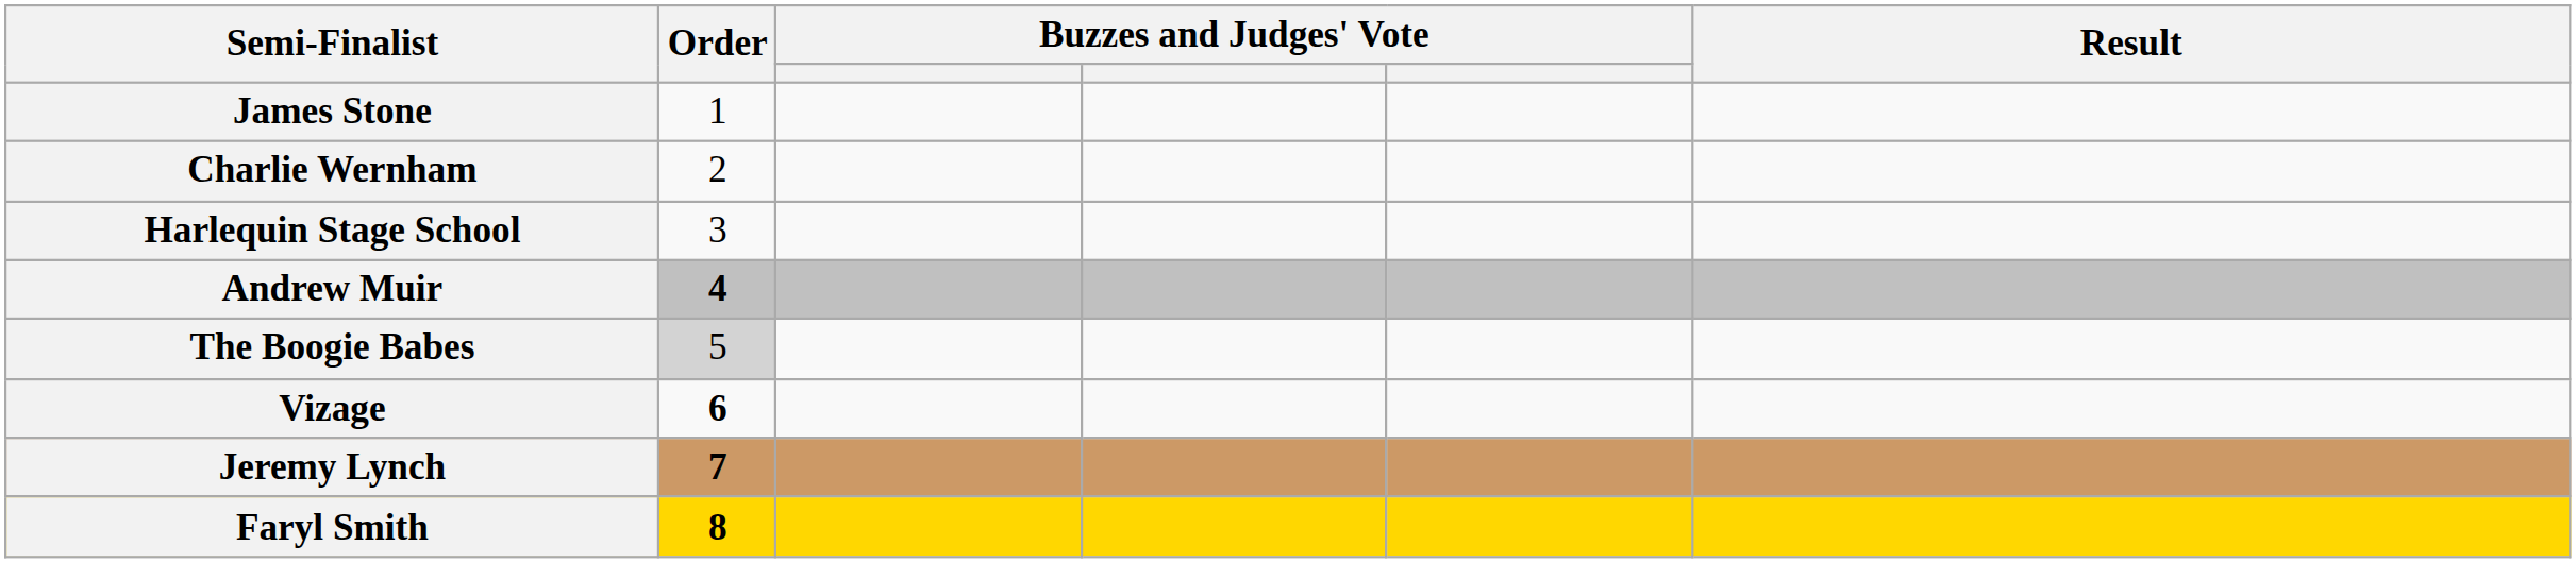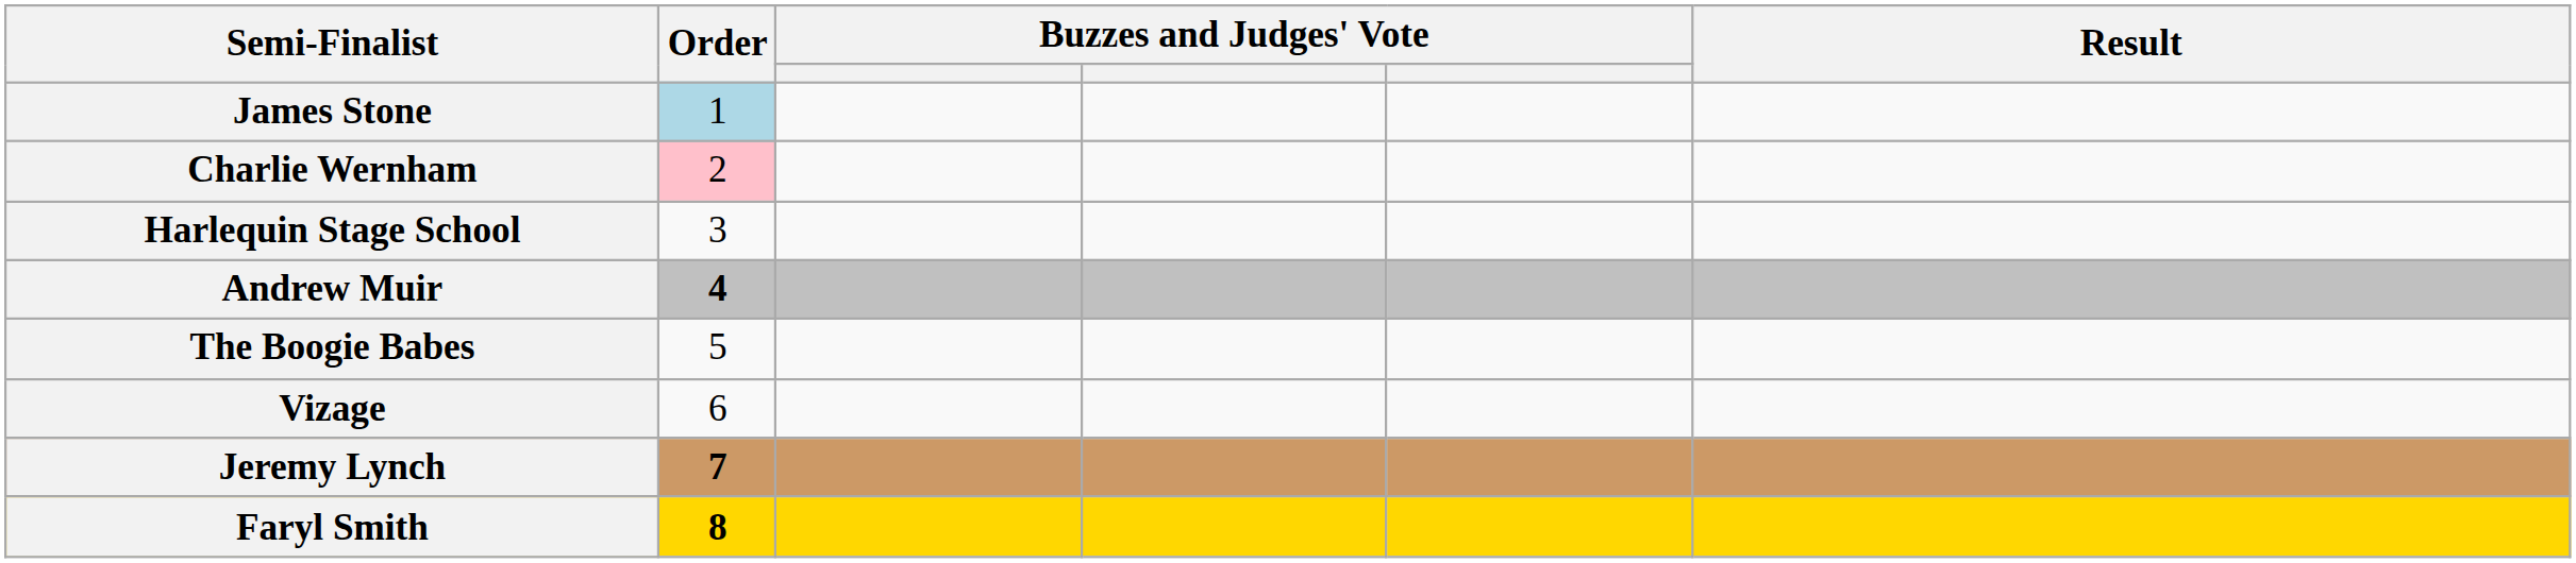 <table class="wikitable plainrowheaders sortable" style="text-align:center;">
 <tr>
 <th scope="col" rowspan="2" class="unsortable" style="width:17em;">Semi-Finalist</th>
 <th scope="col" rowspan="2" style="width:1em;">Order</th>
 <th scope="col" colspan="3" class="unsortable" style="width:24em;">Buzzes and Judges' Vote</th>
 <th scope="col" rowspan="2" style="width:23em;">Result</th>
 </tr>
 <tr>
 <th scope="col" class="unsortable" style="width:6em;"></th>
 <th scope="col" class="unsortable" style="width:6em;"></th>
 <th scope="col" class="unsortable" style="width:6em;"></th>
 </tr>
 <tr>
 <th scope="row">James Stone</th>
-<td>1</td>
+<td style="background: lightblue;">1</td>
 <td style="text-align:center;"></td>
 <td style="text-align:center;"></td>
 <td style="text-align:center;"></td>
 <td></td>
 </tr>
 <tr>
 <th scope="row">Charlie Wernham</th>
-<td>2</td>
+<td style="background: pink;">2</td>
 <td style="text-align:center;"></td>
 <td style="text-align:center;"></td>
 <td style="text-align:center;"></td>
 <td></td>
 </tr>
 <tr>
 <th scope="row">Harlequin Stage School</th>
 <td>3</td>
 <td style="text-align:center;"></td>
 <td style="text-align:center;"></td>
 <td style="text-align:center;"></td>
 <td></td>
 </tr>
 <tr bgcolor=silver>
 <th scope="row"><strong>Andrew Muir</strong></th>
 <td><strong>4</strong></td>
 <td style="text-align:center;"></td>
 <td style="text-align:center;"></td>
 <td style="text-align:center;"></td>
 <td><strong></strong></td>
 </tr>
 <tr>
 <th scope="row">The Boogie Babes</th>
-<td style="background: lightgrey;">5</td>
+<td>5</td>
 <td style="text-align:center;"></td>
 <td style="text-align:center;"></td>
 <td style="text-align:center;"></td>
 <td></td>
 </tr>
 <tr>
 <th scope="row">Vizage</th>
-<td><strong>6</strong></td>
+<td>6</td>
 <td style="text-align:center;"></td>
 <td style="text-align:center;"></td>
 <td style="text-align:center;"></td>
 <td></td>
 </tr>
 <tr bgcolor=#c96>
 <th scope="row"><strong>Jeremy Lynch</strong></th>
 <td><strong>7</strong></td>
 <td style="text-align:center;"></td>
 <td style="text-align:center;"></td>
 <td style="text-align:center;"></td>
 <td><strong></strong></td>
 </tr>
 <tr bgcolor=gold>
 <th scope="row"><strong>Faryl Smith</strong></th>
 <td><strong>8</strong></td>
 <td style="text-align:center;"></td>
 <td style="text-align:center;"></td>
 <td style="text-align:center;"></td>
 <td><strong></strong></td>
 </tr>
 </table>
